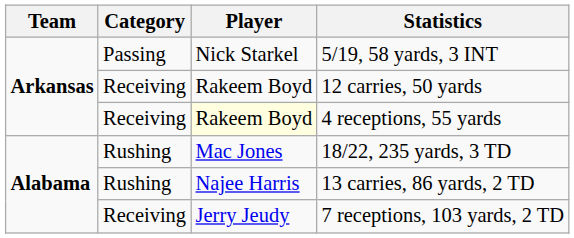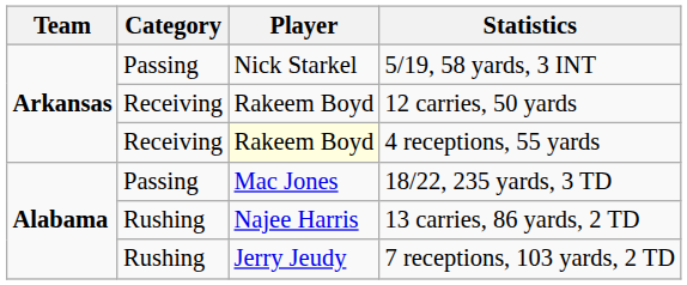 <table class="wikitable" style="float: right;">
 <tr>
 <th>Team</th>
 <th>Category</th>
 <th>Player</th>
 <th>Statistics</th>
 </tr>
 <tr>
 <td rowspan=3><strong>Arkansas</strong></td>
 <td>Passing</td>
 <td>Nick Starkel</td>
 <td>5/19, 58 yards, 3 INT</td>
 </tr>
 <tr>
 <td>Receiving</td>
 <td>Rakeem Boyd</td>
 <td>12 carries, 50 yards</td>
 </tr>
 <tr>
 <td>Receiving</td>
 <td style="background: lightyellow;">Rakeem Boyd</td>
 <td>4 receptions, 55 yards</td>
 </tr>
 <tr>
 <td rowspan=3><strong>Alabama</strong></td>
-<td>Rushing</td>
+<td>Passing</td>
 <td><a href='#'>Mac Jones</a></td>
 <td>18/22, 235 yards, 3 TD</td>
 </tr>
 <tr>
 <td>Rushing</td>
 <td><a href='#'>Najee Harris</a></td>
 <td>13 carries, 86 yards, 2 TD</td>
 </tr>
 <tr>
-<td>Receiving</td>
+<td>Rushing</td>
 <td><a href='#'>Jerry Jeudy</a></td>
 <td>7 receptions, 103 yards, 2 TD</td>
 </tr>
 </table>
